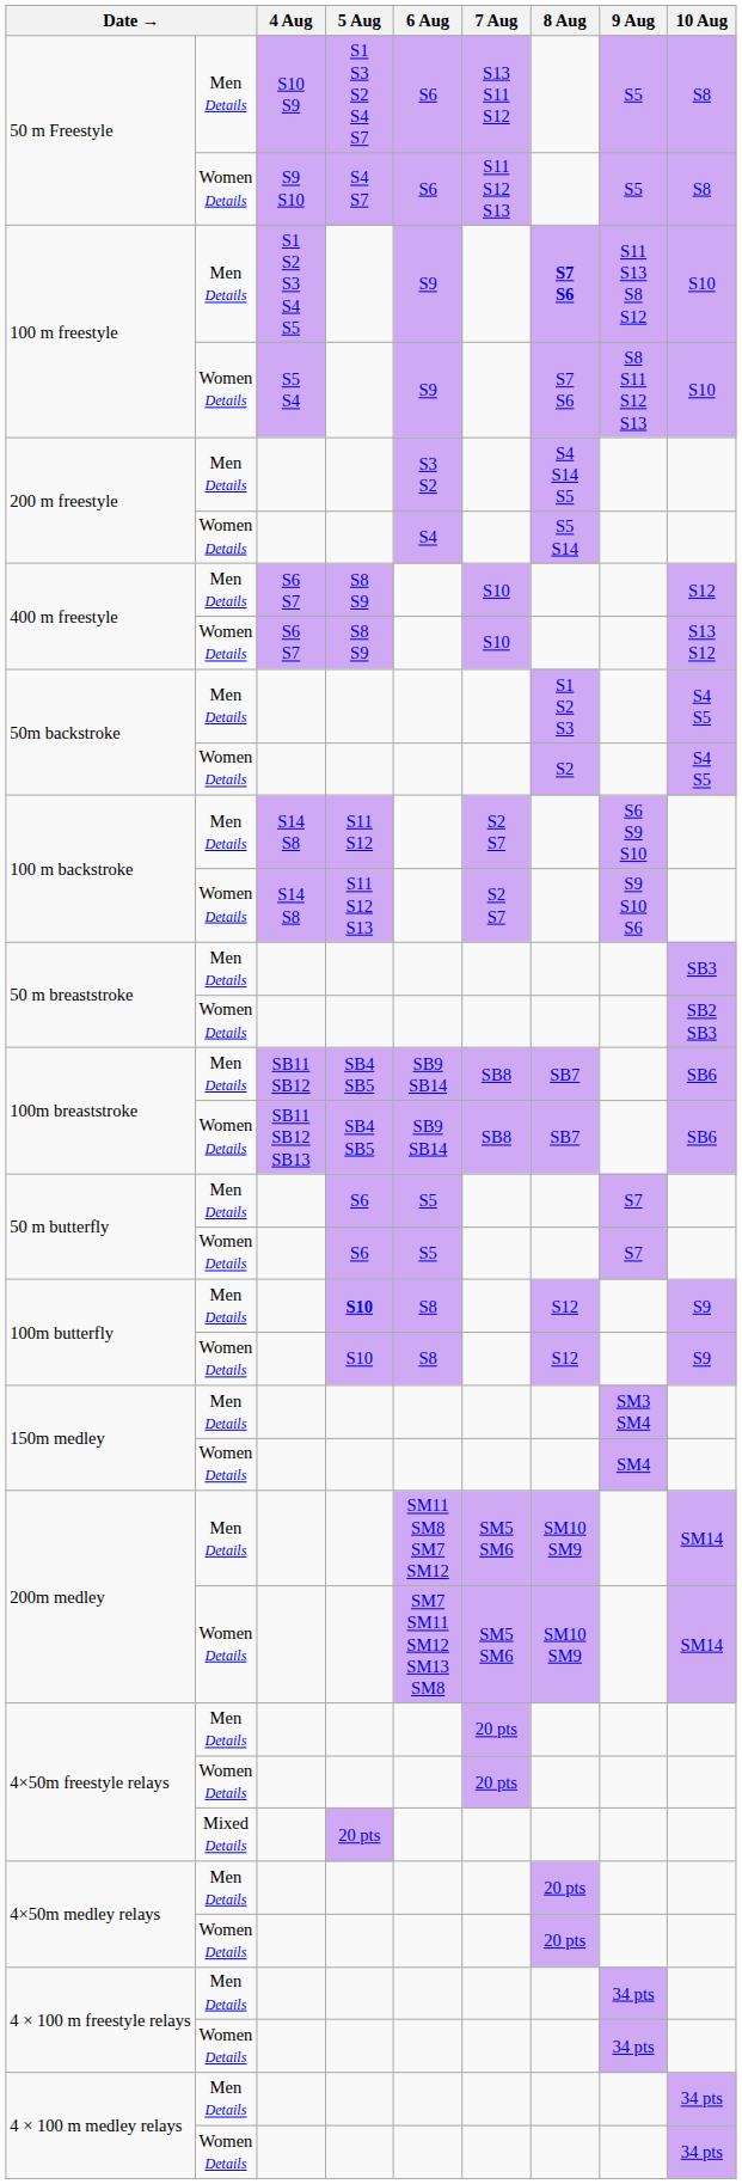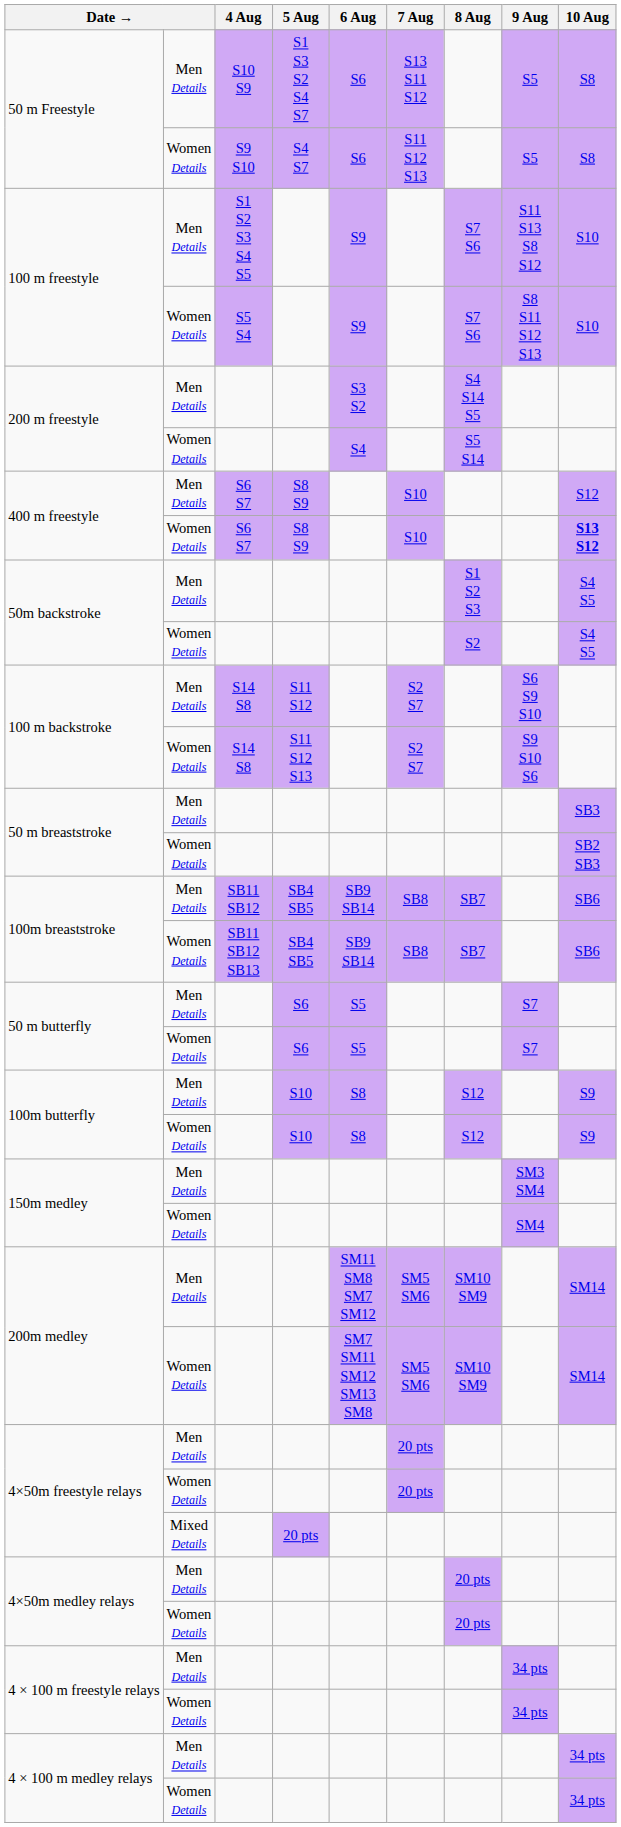 <table class="wikitable" style="margin:0.5em auto; font-size:90%; line-height:1.25em;">
 <tr align="center">
 <th colspan="2">Date →</th>
 <th width="50px">4 Aug</th>
 <th width="50px">5 Aug</th>
 <th width="50px">6 Aug</th>
 <th width="50px">7 Aug</th>
 <th width="50px">8 Aug</th>
 <th width="50px">9 Aug</th>
 <th width="50px">10 Aug</th>
 </tr>
 <tr align="center">
 <td align="left" rowspan="2">50 m Freestyle</td>
 <td>Men<br><small><em><a href='#'>Details</a></em></small></td>
 <td bgcolor="#D0A9F5"><a href='#'>S10</a><br><a href='#'>S9</a></td>
 <td bgcolor="#D0A9F5"><a href='#'>S1</a><br><a href='#'>S3</a><br><a href='#'>S2</a><br><a href='#'>S4</a><br><a href='#'>S7</a></td>
 <td bgcolor="#D0A9F5"><a href='#'>S6</a></td>
 <td bgcolor="#D0A9F5"><a href='#'>S13</a><br><a href='#'>S11</a><br><a href='#'>S12</a></td>
 <td></td>
 <td bgcolor="#D0A9F5"><a href='#'>S5</a></td>
 <td bgcolor="#D0A9F5"><a href='#'>S8</a></td>
 </tr>
 <tr align="center">
 <td>Women<br><small><em><a href='#'>Details</a></em></small></td>
 <td bgcolor="#D0A9F5"><a href='#'>S9</a><br><a href='#'>S10</a></td>
 <td bgcolor="#D0A9F5"><a href='#'>S4</a><br><a href='#'>S7</a></td>
 <td bgcolor="#D0A9F5"><a href='#'>S6</a></td>
 <td bgcolor="#D0A9F5"><a href='#'>S11</a><br><a href='#'>S12</a><br><a href='#'>S13</a></td>
 <td></td>
 <td bgcolor="#D0A9F5"><a href='#'>S5</a></td>
 <td bgcolor="#D0A9F5"><a href='#'>S8</a></td>
 </tr>
 <tr align="center">
 <td align="left" rowspan="2">100 m freestyle</td>
 <td>Men<br><small><em><a href='#'>Details</a></em></small></td>
 <td bgcolor="#D0A9F5"><a href='#'>S1</a><br><a href='#'>S2</a><br><a href='#'>S3</a><br><a href='#'>S4</a><br><a href='#'>S5</a></td>
 <td></td>
 <td bgcolor="#D0A9F5"><a href='#'>S9</a></td>
 <td></td>
-<td bgcolor="#D0A9F5"><strong><a href='#'>S7</a><br><a href='#'>S6</a></strong></td>
+<td bgcolor="#D0A9F5"><a href='#'>S7</a><br><a href='#'>S6</a></td>
 <td bgcolor="#D0A9F5"><a href='#'>S11</a><br><a href='#'>S13</a><br><a href='#'>S8</a><br><a href='#'>S12</a></td>
 <td bgcolor="#D0A9F5"><a href='#'>S10</a></td>
 </tr>
 <tr align="center">
 <td>Women<br><small><em><a href='#'>Details</a></em></small></td>
 <td bgcolor="#D0A9F5"><a href='#'>S5</a><br><a href='#'>S4</a></td>
 <td></td>
 <td bgcolor="#D0A9F5"><a href='#'>S9</a></td>
 <td></td>
 <td bgcolor="#D0A9F5"><a href='#'>S7</a><br><a href='#'>S6</a></td>
 <td bgcolor="#D0A9F5"><a href='#'>S8</a><br><a href='#'>S11</a><br><a href='#'>S12</a><br><a href='#'>S13</a></td>
 <td bgcolor="#D0A9F5"><a href='#'>S10</a></td>
 </tr>
 <tr align="center">
 <td align="left" rowspan="2">200 m freestyle</td>
 <td>Men<br><small><em><a href='#'>Details</a></em></small></td>
 <td></td>
 <td></td>
 <td bgcolor="#D0A9F5"><a href='#'>S3</a><br><a href='#'>S2</a></td>
 <td></td>
 <td bgcolor="#D0A9F5"><a href='#'>S4</a><br><a href='#'>S14</a><br><a href='#'>S5</a></td>
 <td></td>
 <td></td>
 </tr>
 <tr align="center">
 <td>Women<br><small><em><a href='#'>Details</a></em></small></td>
 <td></td>
 <td></td>
 <td bgcolor="#D0A9F5"><a href='#'>S4</a></td>
 <td></td>
 <td bgcolor="#D0A9F5"><a href='#'>S5</a><br><a href='#'>S14</a></td>
 <td></td>
 <td></td>
 </tr>
 <tr align="center">
 <td align="left" rowspan="2">400 m freestyle</td>
 <td>Men<br><small><em><a href='#'>Details</a></em></small></td>
 <td bgcolor="#D0A9F5"><a href='#'>S6</a><br><a href='#'>S7</a></td>
 <td bgcolor="#D0A9F5"><a href='#'>S8</a><br><a href='#'>S9</a></td>
 <td></td>
 <td bgcolor="#D0A9F5"><a href='#'>S10</a></td>
 <td></td>
 <td></td>
 <td bgcolor="#D0A9F5"><a href='#'>S12</a></td>
 </tr>
 <tr align="center">
 <td>Women<br><small><em><a href='#'>Details</a></em></small></td>
 <td bgcolor="#D0A9F5"><a href='#'>S6</a><br><a href='#'>S7</a></td>
 <td bgcolor="#D0A9F5"><a href='#'>S8</a><br><a href='#'>S9</a></td>
 <td></td>
 <td bgcolor="#D0A9F5"><a href='#'>S10</a></td>
 <td></td>
 <td></td>
-<td bgcolor="#D0A9F5"><a href='#'>S13</a><br><a href='#'>S12</a></td>
+<td bgcolor="#D0A9F5"><strong><a href='#'>S13</a><br><a href='#'>S12</a></strong></td>
 </tr>
 <tr align="center">
 <td align="left" rowspan="2">50m backstroke</td>
 <td>Men<br><small><em><a href='#'>Details</a></em></small></td>
 <td></td>
 <td></td>
 <td></td>
 <td></td>
 <td bgcolor="#D0A9F5"><a href='#'>S1</a><br><a href='#'>S2</a><br><a href='#'>S3</a></td>
 <td></td>
 <td bgcolor="#D0A9F5"><a href='#'>S4</a><br><a href='#'>S5</a></td>
 </tr>
 <tr align="center">
 <td>Women<br><small><em><a href='#'>Details</a></em></small></td>
 <td></td>
 <td></td>
 <td></td>
 <td></td>
 <td bgcolor="#D0A9F5"><a href='#'>S2</a></td>
 <td></td>
 <td bgcolor="#D0A9F5"><a href='#'>S4</a><br><a href='#'>S5</a></td>
 </tr>
 <tr align="center">
 <td align="left" rowspan="2">100 m backstroke</td>
 <td>Men<br><small><em><a href='#'>Details</a></em></small></td>
 <td bgcolor="#D0A9F5"><a href='#'>S14</a><br><a href='#'>S8</a></td>
 <td bgcolor="#D0A9F5"><a href='#'>S11</a><br><a href='#'>S12</a></td>
 <td></td>
 <td bgcolor="#D0A9F5"><a href='#'>S2</a><br><a href='#'>S7</a></td>
 <td></td>
 <td bgcolor="#D0A9F5"><a href='#'>S6</a><br><a href='#'>S9</a><br><a href='#'>S10</a></td>
 <td></td>
 </tr>
 <tr align="center">
 <td>Women<br><small><em><a href='#'>Details</a></em></small></td>
 <td bgcolor="#D0A9F5"><a href='#'>S14</a><br><a href='#'>S8</a></td>
 <td bgcolor="#D0A9F5"><a href='#'>S11</a><br><a href='#'>S12</a><br><a href='#'>S13</a></td>
 <td></td>
 <td bgcolor="#D0A9F5"><a href='#'>S2</a><br><a href='#'>S7</a></td>
 <td></td>
 <td bgcolor="#D0A9F5"><a href='#'>S9</a><br><a href='#'>S10</a><br><a href='#'>S6</a></td>
 <td></td>
 </tr>
 <tr align="center">
 <td align="left" rowspan="2">50 m breaststroke</td>
 <td>Men<br><small><em><a href='#'>Details</a></em></small></td>
 <td></td>
 <td></td>
 <td></td>
 <td></td>
 <td></td>
 <td></td>
 <td bgcolor="#D0A9F5"><a href='#'>SB3</a></td>
 </tr>
 <tr align="center">
 <td>Women<br><small><em><a href='#'>Details</a></em></small></td>
 <td></td>
 <td></td>
 <td></td>
 <td></td>
 <td></td>
 <td></td>
 <td bgcolor="#D0A9F5"><a href='#'>SB2</a><br><a href='#'>SB3</a></td>
 </tr>
 <tr align="center">
 <td align="left" rowspan="2">100m breaststroke</td>
 <td>Men<br><small><em><a href='#'>Details</a></em></small></td>
 <td bgcolor="#D0A9F5"><a href='#'>SB11</a><br><a href='#'>SB12</a></td>
 <td bgcolor="#D0A9F5"><a href='#'>SB4</a><br><a href='#'>SB5</a></td>
 <td bgcolor="#D0A9F5"><a href='#'>SB9</a><br><a href='#'>SB14</a></td>
 <td bgcolor="#D0A9F5"><a href='#'>SB8</a></td>
 <td bgcolor="#D0A9F5"><a href='#'>SB7</a></td>
 <td></td>
 <td bgcolor="#D0A9F5"><a href='#'>SB6</a></td>
 </tr>
 <tr align="center">
 <td>Women<br><small><em><a href='#'>Details</a></em></small></td>
 <td bgcolor="#D0A9F5"><a href='#'>SB11</a><br><a href='#'>SB12</a><br><a href='#'>SB13</a></td>
 <td bgcolor="#D0A9F5"><a href='#'>SB4</a><br><a href='#'>SB5</a></td>
 <td bgcolor="#D0A9F5"><a href='#'>SB9</a><br><a href='#'>SB14</a></td>
 <td bgcolor="#D0A9F5"><a href='#'>SB8</a></td>
 <td bgcolor="#D0A9F5"><a href='#'>SB7</a></td>
 <td></td>
 <td bgcolor="#D0A9F5"><a href='#'>SB6</a></td>
 </tr>
 <tr align="center">
 <td align="left" rowspan="2">50 m butterfly</td>
 <td>Men<br><small><em><a href='#'>Details</a></em></small></td>
 <td></td>
 <td bgcolor="#D0A9F5"><a href='#'>S6</a></td>
 <td bgcolor="#D0A9F5"><a href='#'>S5</a></td>
 <td></td>
 <td></td>
 <td bgcolor="#D0A9F5"><a href='#'>S7</a></td>
 <td></td>
 </tr>
 <tr align="center">
 <td>Women<br><small><em><a href='#'>Details</a></em></small></td>
 <td></td>
 <td bgcolor="#D0A9F5"><a href='#'>S6</a></td>
 <td bgcolor="#D0A9F5"><a href='#'>S5</a></td>
 <td></td>
 <td></td>
 <td bgcolor="#D0A9F5"><a href='#'>S7</a></td>
 <td></td>
 </tr>
 <tr align="center">
 <td align="left" rowspan="2">100m butterfly</td>
 <td>Men<br><small><em><a href='#'>Details</a></em></small></td>
 <td></td>
-<td bgcolor="#D0A9F5"><strong><a href='#'>S10</a></strong></td>
+<td bgcolor="#D0A9F5"><a href='#'>S10</a></td>
 <td bgcolor="#D0A9F5"><a href='#'>S8</a></td>
 <td></td>
 <td bgcolor="#D0A9F5"><a href='#'>S12</a></td>
 <td></td>
 <td bgcolor="#D0A9F5"><a href='#'>S9</a></td>
 </tr>
 <tr align="center">
 <td>Women<br><small><em><a href='#'>Details</a></em></small></td>
 <td></td>
 <td bgcolor="#D0A9F5"><a href='#'>S10</a></td>
 <td bgcolor="#D0A9F5"><a href='#'>S8</a></td>
 <td></td>
 <td bgcolor="#D0A9F5"><a href='#'>S12</a></td>
 <td></td>
 <td bgcolor="#D0A9F5"><a href='#'>S9</a></td>
 </tr>
 <tr align="center">
 <td align="left" rowspan="2">150m medley</td>
 <td>Men<br><small><em><a href='#'>Details</a></em></small></td>
 <td></td>
 <td></td>
 <td></td>
 <td></td>
 <td></td>
 <td bgcolor="#D0A9F5"><a href='#'>SM3</a><br><a href='#'>SM4</a></td>
 <td></td>
 </tr>
 <tr align="center">
 <td>Women<br><small><em><a href='#'>Details</a></em></small></td>
 <td></td>
 <td></td>
 <td></td>
 <td></td>
 <td></td>
 <td bgcolor="#D0A9F5"><a href='#'>SM4</a></td>
 <td></td>
 </tr>
 <tr align="center">
 <td align="left" rowspan="2">200m medley</td>
 <td>Men<br><small><em><a href='#'>Details</a></em></small></td>
 <td></td>
 <td></td>
 <td bgcolor="#D0A9F5"><a href='#'>SM11</a><br><a href='#'>SM8</a><br><a href='#'>SM7</a><br><a href='#'>SM12</a></td>
 <td bgcolor="#D0A9F5"><a href='#'>SM5</a><br><a href='#'>SM6</a></td>
 <td bgcolor="#D0A9F5"><a href='#'>SM10</a><br><a href='#'>SM9</a></td>
 <td></td>
 <td bgcolor="#D0A9F5"><a href='#'>SM14</a></td>
 </tr>
 <tr align="center">
 <td>Women<br><small><em><a href='#'>Details</a></em></small></td>
 <td></td>
 <td></td>
 <td bgcolor="#D0A9F5"><a href='#'>SM7</a><br><a href='#'>SM11</a><br><a href='#'>SM12</a><br><a href='#'>SM13</a><br><a href='#'>SM8</a></td>
 <td bgcolor="#D0A9F5"><a href='#'>SM5</a><br><a href='#'>SM6</a></td>
 <td bgcolor="#D0A9F5"><a href='#'>SM10</a><br><a href='#'>SM9</a></td>
 <td></td>
 <td bgcolor="#D0A9F5"><a href='#'>SM14</a></td>
 </tr>
 <tr align="center">
 <td align="left" rowspan="3">4×50m freestyle relays</td>
 <td>Men<br><small><em><a href='#'>Details</a></em></small></td>
 <td></td>
 <td></td>
 <td></td>
 <td bgcolor="#D0A9F5"><a href='#'>20 pts</a></td>
 <td></td>
 <td></td>
 <td></td>
 </tr>
 <tr align="center">
 <td>Women<br><small><em><a href='#'>Details</a></em></small></td>
 <td></td>
 <td></td>
 <td></td>
 <td bgcolor="#D0A9F5"><a href='#'>20 pts</a></td>
 <td></td>
 <td></td>
 <td></td>
 </tr>
 <tr align="center">
 <td>Mixed<br><small><em><a href='#'>Details</a></em></small></td>
 <td></td>
 <td bgcolor="#D0A9F5"><a href='#'>20 pts</a></td>
 <td></td>
 <td></td>
 <td></td>
 <td></td>
 <td></td>
 </tr>
 <tr align="center">
 <td align="left" rowspan="2">4×50m medley relays</td>
 <td>Men<br><small><em><a href='#'>Details</a></em></small></td>
 <td></td>
 <td></td>
 <td></td>
 <td></td>
 <td bgcolor="#D0A9F5"><a href='#'>20 pts</a></td>
 <td></td>
 <td></td>
 </tr>
 <tr align="center">
 <td>Women<br><small><em><a href='#'>Details</a></em></small></td>
 <td></td>
 <td></td>
 <td></td>
 <td></td>
 <td bgcolor="#D0A9F5"><a href='#'>20 pts</a></td>
 <td></td>
 <td></td>
 </tr>
 <tr align="center">
 <td align="left" rowspan="2">4 × 100 m freestyle relays</td>
 <td>Men<br><small><em><a href='#'>Details</a></em></small></td>
 <td></td>
 <td></td>
 <td></td>
 <td></td>
 <td></td>
 <td bgcolor="#D0A9F5"><a href='#'>34 pts</a></td>
 <td></td>
 </tr>
 <tr align="center">
 <td>Women<br><small><em><a href='#'>Details</a></em></small></td>
 <td></td>
 <td></td>
 <td></td>
 <td></td>
 <td></td>
 <td bgcolor="#D0A9F5"><a href='#'>34 pts</a></td>
 <td></td>
 </tr>
 <tr align="center">
 <td align="left" rowspan="2">4 × 100 m medley relays</td>
 <td>Men<br><small><em><a href='#'>Details</a></em></small></td>
 <td></td>
 <td></td>
 <td></td>
 <td></td>
 <td></td>
 <td></td>
 <td bgcolor="#D0A9F5"><a href='#'>34 pts</a></td>
 </tr>
 <tr align="center">
 <td>Women<br><small><em><a href='#'>Details</a></em></small></td>
 <td></td>
 <td></td>
 <td></td>
 <td></td>
 <td></td>
 <td></td>
 <td bgcolor="#D0A9F5"><a href='#'>34 pts</a></td>
 </tr>
 </table>
